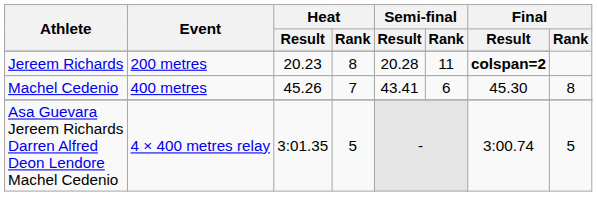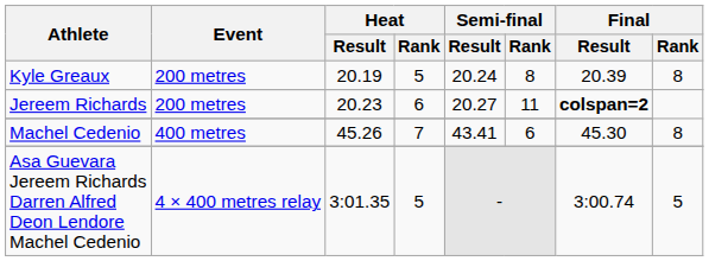 <table class="wikitable" style="font-size:90%">
 <tr>
 <th rowspan="2">Athlete</th>
 <th rowspan="2">Event</th>
 <th colspan="2">Heat</th>
 <th colspan="2">Semi-final</th>
 <th colspan="2">Final</th>
 </tr>
 <tr style="font-size:95%">
 <th>Result</th>
 <th>Rank</th>
 <th>Result</th>
 <th>Rank</th>
 <th>Result</th>
 <th>Rank</th>
 </tr>
+<tr style=text-align:center>
+<td style=text-align:left><a href='#'>Kyle Greaux</a></td>
+<td style=text-align:left><a href='#'>200 metres</a></td>
+<td>20.19</td>
+<td>5</td>
+<td>20.24</td>
+<td>8</td>
+<td>20.39</td>
+<td>8</td>
+</tr>
 <tr>
 </tr>
 <tr style=text-align:center>
 <td style=text-align:left><a href='#'>Jereem Richards</a></td>
 <td style=text-align:left><a href='#'>200 metres</a></td>
 <td>20.23</td>
-<td>8</td>
-<td>20.28</td>
+<td>6</td>
+<td>20.27</td>
 <td>11</td>
 <td><strong>colspan=2 </strong></td>
 </tr>
 <tr>
 </tr>
 <tr style=text-align:center>
 <td style=text-align:left><a href='#'>Machel Cedenio</a></td>
 <td style=text-align:left><a href='#'>400 metres</a></td>
 <td>45.26</td>
 <td>7</td>
 <td>43.41</td>
 <td>6</td>
 <td>45.30</td>
 <td>8</td>
 </tr>
 <tr>
 </tr>
 <tr style=text-align:center>
 <td style=text-align:left><a href='#'>Asa Guevara</a><br>Jereem Richards<br><a href='#'>Darren Alfred</a><br><a href='#'>Deon Lendore</a><br>Machel Cedenio</td>
 <td style=text-align:left><a href='#'>4 × 400 metres relay</a></td>
 <td>3:01.35</td>
 <td>5</td>
 <td colspan=2 style="background-color:#e5e5e5">-</td>
 <td>3:00.74 </td>
 <td>5</td>
 </tr>
 </table>
